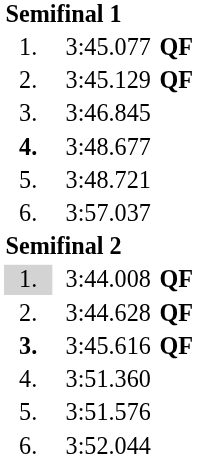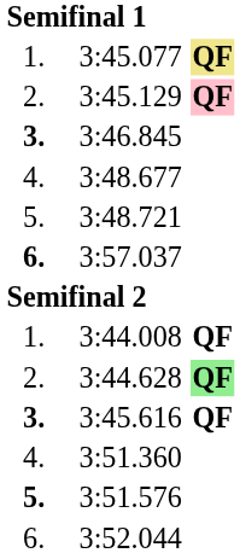 <table style="text-align:center">
 <tr>
 <td colspan=4 align=left><strong>Semifinal 1</strong></td>
 </tr>
 <tr>
 <td width=30>1.</td>
 <td align=left></td>
 <td width=60>3:45.077</td>
-<td><strong>QF</strong></td>
+<td style="background: khaki;"><strong>QF</strong></td>
 </tr>
 <tr>
 <td>2.</td>
 <td align=left></td>
 <td>3:45.129</td>
-<td><strong>QF</strong></td>
+<td style="background: pink;"><strong>QF</strong></td>
 </tr>
 <tr>
-<td>3.</td>
+<td><strong>3.</strong></td>
 <td align=left></td>
 <td>3:46.845</td>
 <td></td>
 </tr>
 <tr>
-<td><strong>4.</strong></td>
+<td>4.</td>
 <td align=left></td>
 <td>3:48.677</td>
 <td></td>
 </tr>
 <tr>
 <td>5.</td>
 <td align=left></td>
 <td>3:48.721</td>
 <td></td>
 </tr>
 <tr>
-<td>6.</td>
+<td><strong>6.</strong></td>
 <td align=left></td>
 <td>3:57.037</td>
 <td></td>
 </tr>
 <tr>
 <td colspan=4 align=left><strong>Semifinal 2</strong></td>
 </tr>
 <tr>
-<td style="background: lightgrey;">1.</td>
+<td>1.</td>
 <td align=left></td>
 <td width=60>3:44.008</td>
 <td><strong>QF</strong></td>
 </tr>
 <tr>
 <td>2.</td>
 <td align=left></td>
 <td>3:44.628</td>
-<td><strong>QF</strong></td>
+<td style="background: lightgreen;"><strong>QF</strong></td>
 </tr>
 <tr>
 <td><strong>3.</strong></td>
 <td align=left></td>
 <td>3:45.616</td>
 <td><strong>QF</strong></td>
 </tr>
 <tr>
 <td>4.</td>
 <td align=left></td>
 <td>3:51.360</td>
 <td></td>
 </tr>
 <tr>
-<td>5.</td>
+<td><strong>5.</strong></td>
 <td align=left></td>
 <td>3:51.576</td>
 <td></td>
 </tr>
 <tr>
 <td>6.</td>
 <td align=left></td>
 <td>3:52.044</td>
 <td></td>
 </tr>
 </table>
